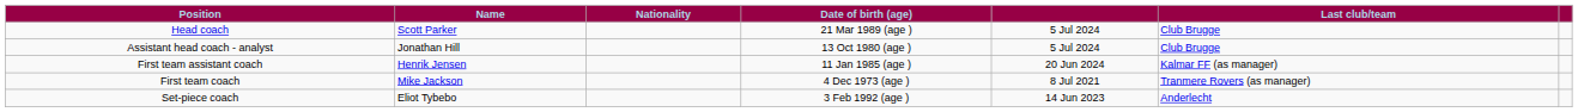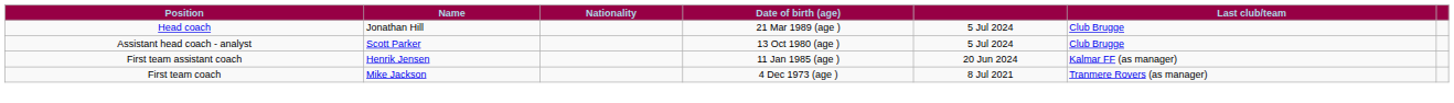 <table class="wikitable sortable" style="text-align:center; font-size:85%; width:100%;">
 <tr>
 <th style="background-color:#970045; color:#ADD8E6">Position</th>
 <th style="background-color:#970045; color:#ADD8E6">Name</th>
 <th style="background-color:#970045; color:#ADD8E6">Nationality</th>
 <th style="background-color:#970045; color:#ADD8E6">Date of birth (age)</th>
 <th style="background-color:#970045; color:#ADD8E6"></th>
 <th style="background-color:#970045; color:#ADD8E6">Last club/team</th>
 <th style="background-color:#970045; color:#ADD8E6" class="unsortable"></th>
 </tr>
 <tr>
 <td><a href='#'>Head coach</a></td>
-<td style="text-align:left;" data-sort-value="Pa"><a href='#'>Scott Parker</a></td>
+<td style="text-align:left;" data-sort-value="Hi">Jonathan Hill</td>
 <td style="text-align:left;"></td>
 <td data-sort-value="1">21 Mar 1989 (age )</td>
 <td data-sort-value="1">5 Jul 2024</td>
 <td style="text-align:left;"> <a href='#'>Club Brugge</a></td>
 <td></td>
 </tr>
 <tr>
 <td>Assistant head coach - analyst</td>
-<td style="text-align:left;" data-sort-value="Hi">Jonathan Hill</td>
+<td style="text-align:left;" data-sort-value="Pa"><a href='#'>Scott Parker</a></td>
 <td style="text-align:left;"></td>
 <td data-sort-value="4">13 Oct 1980 (age )</td>
 <td data-sort-value="2">5 Jul 2024</td>
 <td style="text-align:left;"> <a href='#'>Club Brugge</a></td>
 <td></td>
 </tr>
 <tr>
 <td>First team assistant coach</td>
 <td style="text-align:left;" data-sort-value="Je"><a href='#'>Henrik Jensen</a></td>
 <td style="text-align:left;"></td>
 <td data-sort-value="6">11 Jan 1985 (age )</td>
 <td data-sort-value="3">20 Jun 2024</td>
 <td style="text-align:left;"> <a href='#'>Kalmar FF</a> (as manager)</td>
 <td></td>
 </tr>
 <tr>
 <td>First team coach</td>
 <td style="text-align:left;" data-sort-value="Ja"><a href='#'>Mike Jackson</a></td>
 <td style="text-align:left;"></td>
 <td data-sort-value="3">4 Dec 1973 (age )</td>
 <td data-sort-value="4">8 Jul 2021</td>
 <td style="text-align:left;"> <a href='#'>Tranmere Rovers</a> (as manager)</td>
 <td></td>
 </tr>
-<tr>
-<td>Set-piece coach</td>
-<td style="text-align:left;" data-sort-value="Ty">Eliot Tybebo</td>
-<td style="text-align:left;"></td>
-<td data-sort-value="5">3 Feb 1992 (age )</td>
-<td data-sort-value="3">14 Jun 2023</td>
-<td style="text-align:left;"> <a href='#'>Anderlecht</a></td>
-<td></td>
-</tr>
 </table>
